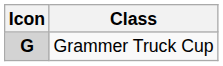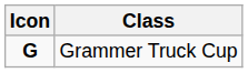 <table class="wikitable" style="font-size: 85%">
 <tr>
 <th>Icon</th>
 <th>Class</th>
 </tr>
 <tr>
-<td align=center style="background: lightgrey;"><strong><span>G</span></strong></td>
+<td align=center><strong><span>G</span></strong></td>
 <td>Grammer Truck Cup</td>
 </tr>
 </table>
